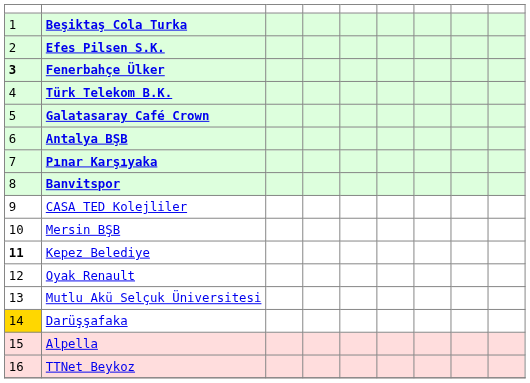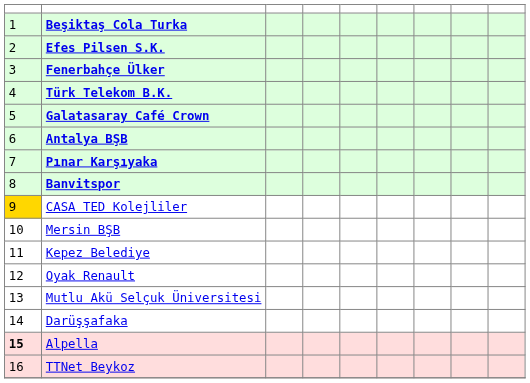 <table class="toccolours" border="1" cellpadding="4" cellspacing="0" style="border-collapse: collapse; margin:0;">
 <tr>
 <th width=30></th>
 <th></th>
 <th width=30></th>
 <th width=30></th>
 <th width=30></th>
 <th width=30></th>
 <th width=30></th>
 <th width=30></th>
 <th width=30></th>
 </tr>
 <tr bgcolor=#dfd>
 <td>1</td>
 <td><strong><a href='#'>Beşiktaş Cola Turka</a></strong></td>
 <td></td>
 <td></td>
 <td></td>
 <td></td>
 <td></td>
 <td></td>
 <td></td>
 </tr>
 <tr bgcolor=#dfd>
 <td>2</td>
 <td><strong><a href='#'>Efes Pilsen S.K.</a></strong></td>
 <td></td>
 <td></td>
 <td></td>
 <td></td>
 <td></td>
 <td></td>
 <td></td>
 </tr>
 <tr bgcolor=#dfd>
-<td><strong>3</strong></td>
+<td>3</td>
 <td><strong><a href='#'>Fenerbahçe Ülker</a></strong></td>
 <td></td>
 <td></td>
 <td></td>
 <td></td>
 <td></td>
 <td></td>
 <td></td>
 </tr>
 <tr bgcolor=#dfd>
 <td>4</td>
 <td><strong><a href='#'>Türk Telekom B.K.</a></strong></td>
 <td></td>
 <td></td>
 <td></td>
 <td></td>
 <td></td>
 <td></td>
 <td></td>
 </tr>
 <tr bgcolor=#dfd>
 <td>5</td>
 <td><strong><a href='#'>Galatasaray Café Crown</a></strong></td>
 <td></td>
 <td></td>
 <td></td>
 <td></td>
 <td></td>
 <td></td>
 <td></td>
 </tr>
 <tr bgcolor=#dfd>
 <td>6</td>
 <td><strong><a href='#'>Antalya BŞB</a></strong></td>
 <td></td>
 <td></td>
 <td></td>
 <td></td>
 <td></td>
 <td></td>
 <td></td>
 </tr>
 <tr bgcolor=#dfd>
 <td>7</td>
 <td><strong><a href='#'>Pınar Karşıyaka</a></strong></td>
 <td></td>
 <td></td>
 <td></td>
 <td></td>
 <td></td>
 <td></td>
 <td></td>
 </tr>
 <tr bgcolor=#dfd>
 <td>8</td>
 <td><strong><a href='#'>Banvitspor</a></strong></td>
 <td></td>
 <td></td>
 <td></td>
 <td></td>
 <td></td>
 <td></td>
 <td></td>
 </tr>
 <tr>
-<td>9</td>
+<td style="background: gold;">9</td>
 <td><a href='#'>CASA TED Kolejliler</a></td>
 <td></td>
 <td></td>
 <td></td>
 <td></td>
 <td></td>
 <td></td>
 <td></td>
 </tr>
 <tr>
 <td>10</td>
 <td><a href='#'>Mersin BŞB</a></td>
 <td></td>
 <td></td>
 <td></td>
 <td></td>
 <td></td>
 <td></td>
 <td></td>
 </tr>
 <tr>
-<td><strong>11</strong></td>
+<td>11</td>
 <td><a href='#'>Kepez Belediye</a></td>
 <td></td>
 <td></td>
 <td></td>
 <td></td>
 <td></td>
 <td></td>
 <td></td>
 </tr>
 <tr>
 <td>12</td>
 <td><a href='#'>Oyak Renault</a></td>
 <td></td>
 <td></td>
 <td></td>
 <td></td>
 <td></td>
 <td></td>
 <td></td>
 </tr>
 <tr>
 <td>13</td>
 <td><a href='#'>Mutlu Akü Selçuk Üniversitesi</a></td>
 <td></td>
 <td></td>
 <td></td>
 <td></td>
 <td></td>
 <td></td>
 <td></td>
 </tr>
 <tr>
-<td style="background: gold;">14</td>
+<td>14</td>
 <td><a href='#'>Darüşşafaka</a></td>
 <td></td>
 <td></td>
 <td></td>
 <td></td>
 <td></td>
 <td></td>
 <td></td>
 </tr>
 <tr bgcolor=#fdd>
-<td>15</td>
+<td><strong>15</strong></td>
 <td><a href='#'>Alpella</a></td>
 <td></td>
 <td></td>
 <td></td>
 <td></td>
 <td></td>
 <td></td>
 <td></td>
 </tr>
 <tr bgcolor=#fdd>
 <td>16</td>
 <td><a href='#'>TTNet Beykoz</a></td>
 <td></td>
 <td></td>
 <td></td>
 <td></td>
 <td></td>
 <td></td>
 <td></td>
 </tr>
 <tr>
 </tr>
 </table>
